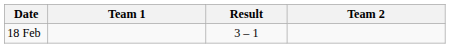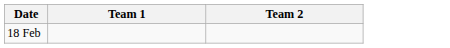 <table class="wikitable">
 <tr>
 <th width=50>Date</th>
 <th width=200>Team 1</th>
-<th width=100 style="text-align:center;">Result</th>
 <th width=200>Team 2</th>
 </tr>
 <tr>
 <td>18 Feb</td>
 <td style="text-align:center;"><strong></strong></td>
-<td style="text-align:center;">3 – 1</td>
 <td style="text-align:center;"></td>
 </tr>
 </table>
